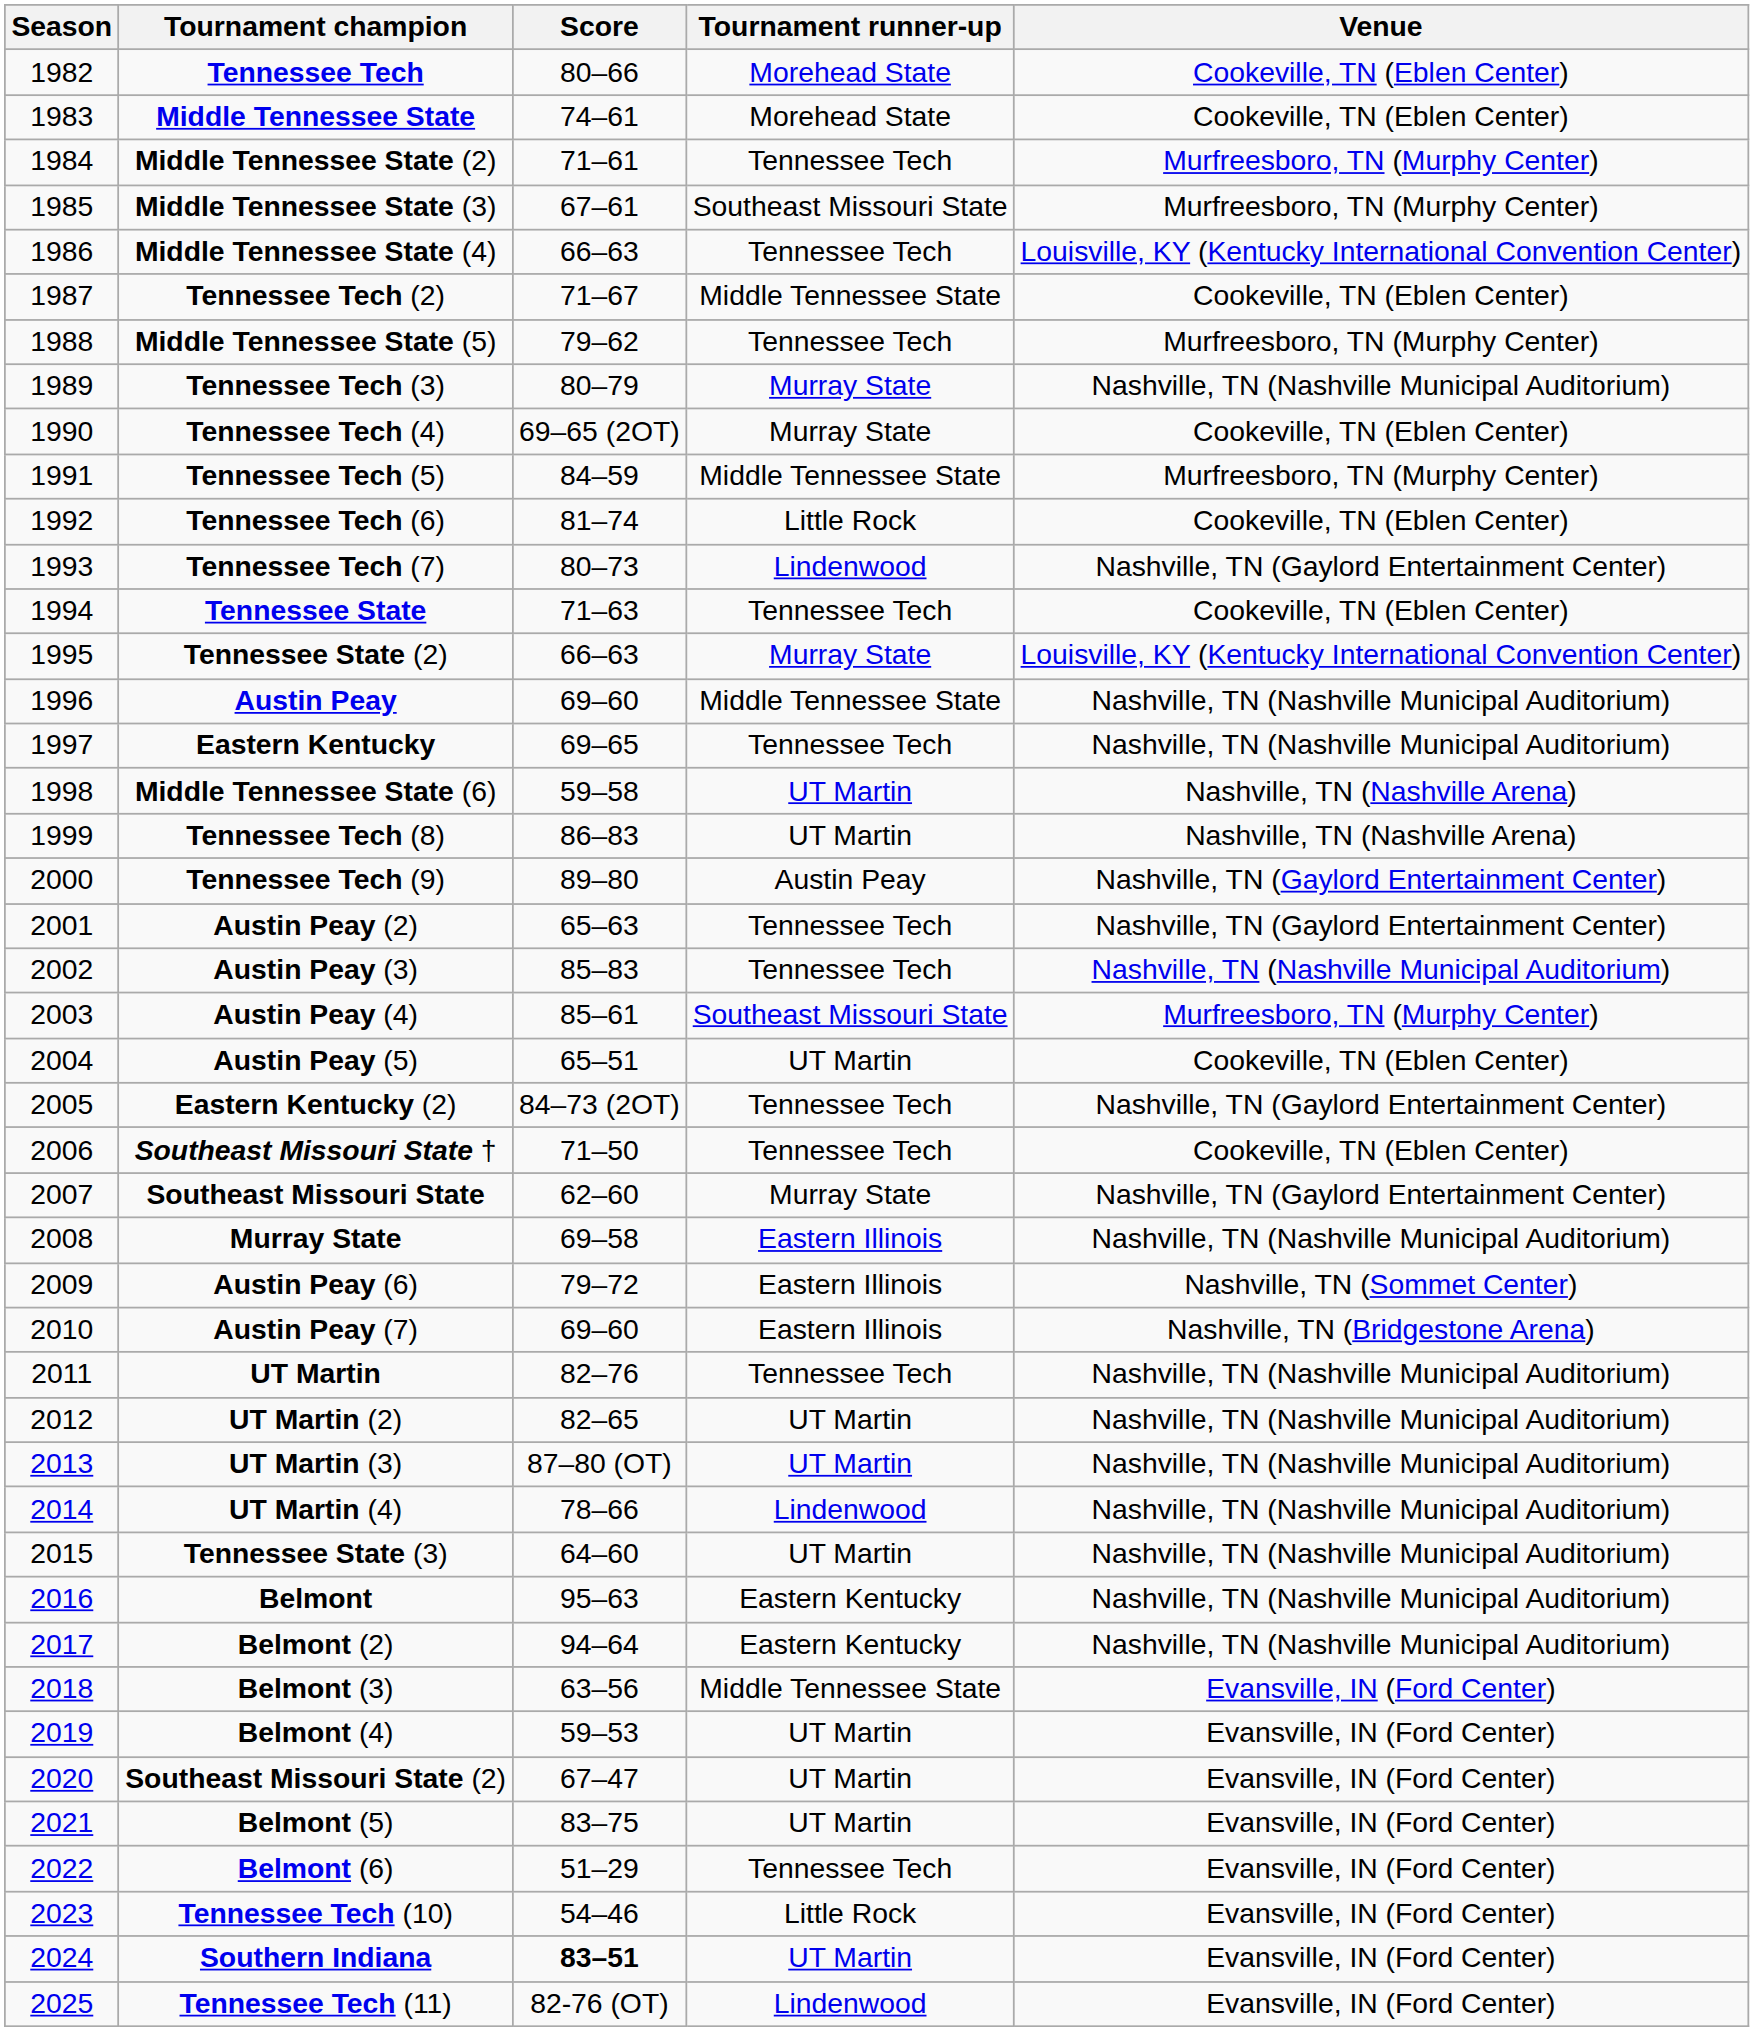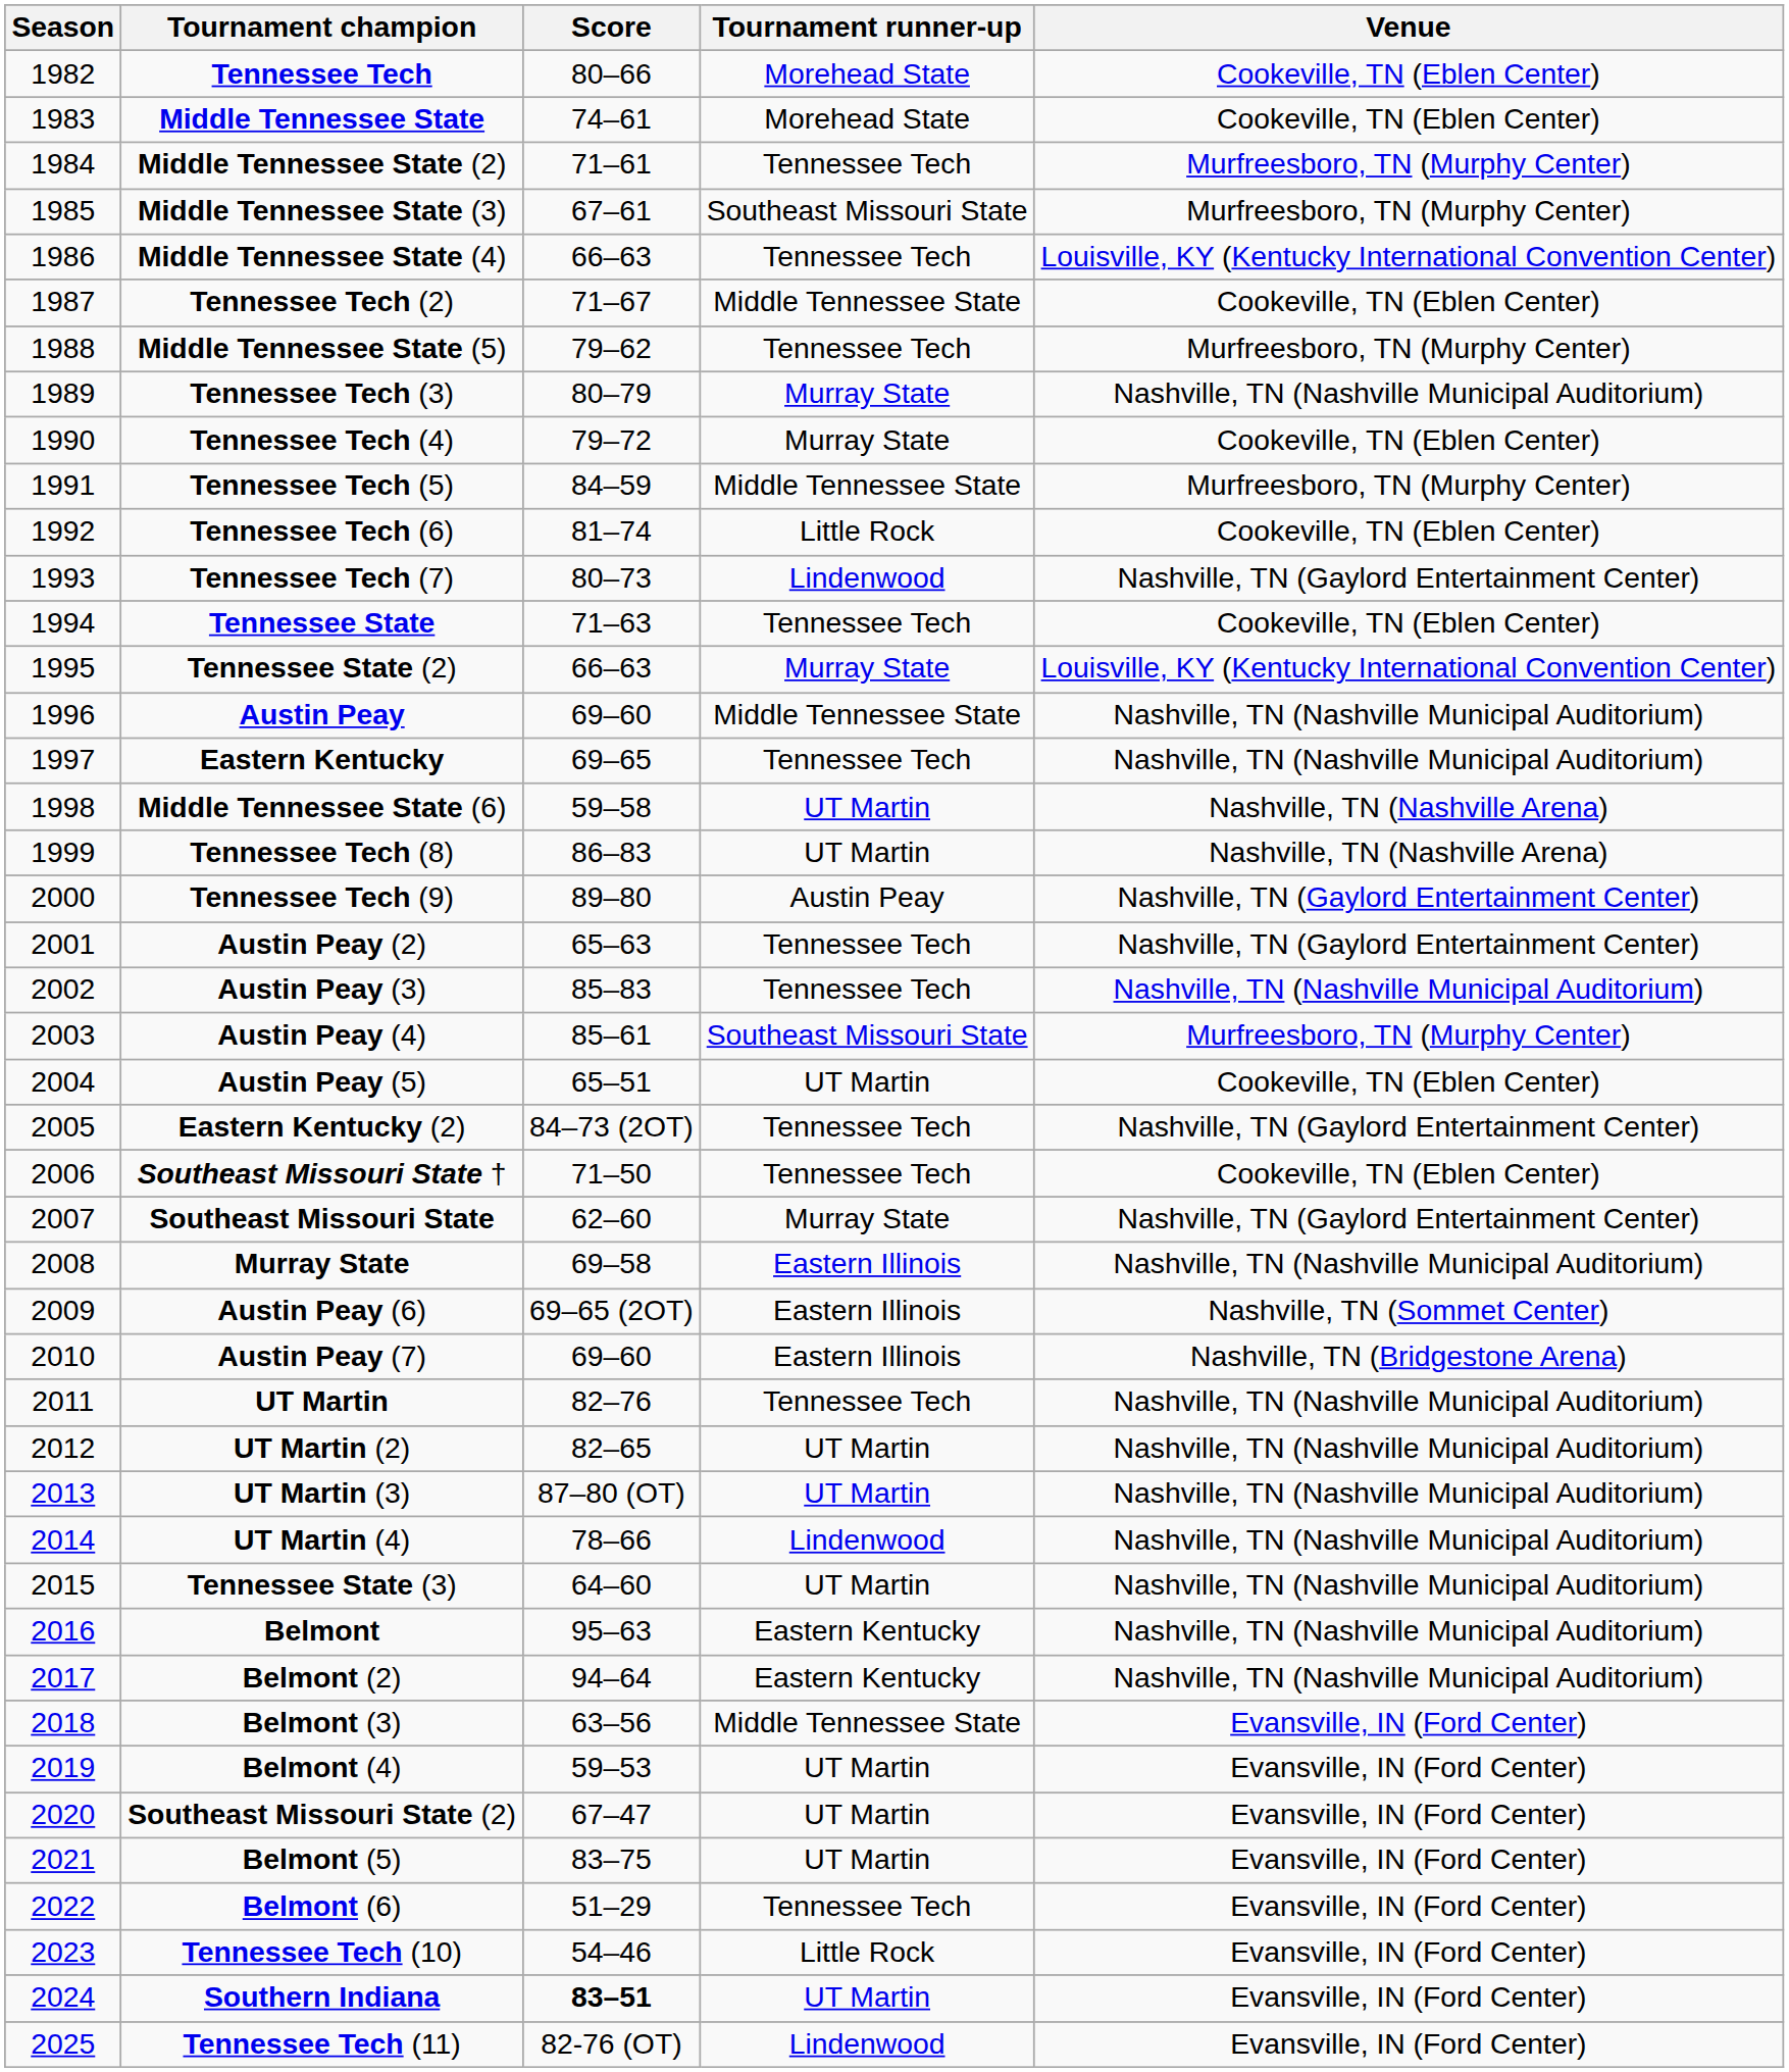 <table class="wikitable sortable" style="text-align:center">
 <tr>
 <th width=px>Season</th>
 <th width=px>Tournament champion</th>
 <th width=px>Score</th>
 <th width=px>Tournament runner-up</th>
 <th width=px>Venue</th>
 </tr>
 <tr align=center>
 <td>1982</td>
 <td><strong><a href='#'>Tennessee Tech</a></strong></td>
 <td>80–66</td>
 <td><a href='#'>Morehead State</a></td>
 <td><a href='#'>Cookeville, TN</a> (<a href='#'>Eblen Center</a>)</td>
 </tr>
 <tr align=center>
 <td>1983</td>
 <td><strong><a href='#'>Middle Tennessee State</a></strong></td>
 <td>74–61</td>
 <td>Morehead State</td>
 <td>Cookeville, TN (Eblen Center)</td>
 </tr>
 <tr align=center>
 <td>1984</td>
 <td><strong>Middle Tennessee State</strong> (2)</td>
 <td>71–61</td>
 <td>Tennessee Tech</td>
 <td><a href='#'>Murfreesboro, TN</a> (<a href='#'>Murphy Center</a>)</td>
 </tr>
 <tr align=center>
 <td>1985</td>
 <td><strong>Middle Tennessee State</strong> (3)</td>
 <td>67–61</td>
 <td>Southeast Missouri State</td>
 <td>Murfreesboro, TN (Murphy Center)</td>
 </tr>
 <tr align=center>
 <td>1986</td>
 <td><strong>Middle Tennessee State</strong> (4)</td>
 <td>66–63</td>
 <td>Tennessee Tech</td>
 <td><a href='#'>Louisville, KY</a> (<a href='#'>Kentucky International Convention Center</a>)</td>
 </tr>
 <tr align=center>
 <td>1987</td>
 <td><strong>Tennessee Tech</strong> (2)</td>
 <td>71–67</td>
 <td>Middle Tennessee State</td>
 <td>Cookeville, TN (Eblen Center)</td>
 </tr>
 <tr align=center>
 <td>1988</td>
 <td><strong>Middle Tennessee State</strong> (5)</td>
 <td>79–62</td>
 <td>Tennessee Tech</td>
 <td>Murfreesboro, TN (Murphy Center)</td>
 </tr>
 <tr align=center>
 <td>1989</td>
 <td><strong>Tennessee Tech</strong> (3)</td>
 <td>80–79</td>
 <td><a href='#'>Murray State</a></td>
 <td>Nashville, TN (Nashville Municipal Auditorium)</td>
 </tr>
 <tr align=center>
 <td>1990</td>
 <td><strong>Tennessee Tech</strong> (4)</td>
-<td>69–65 (2OT)</td>
+<td>79–72</td>
 <td>Murray State</td>
 <td>Cookeville, TN (Eblen Center)</td>
 </tr>
 <tr align=center>
 <td>1991</td>
 <td><strong>Tennessee Tech</strong> (5)</td>
 <td>84–59</td>
 <td>Middle Tennessee State</td>
 <td>Murfreesboro, TN (Murphy Center)</td>
 </tr>
 <tr align=center>
 <td>1992</td>
 <td><strong>Tennessee Tech</strong> (6)</td>
 <td>81–74</td>
 <td>Little Rock</td>
 <td>Cookeville, TN (Eblen Center)</td>
 </tr>
 <tr align=center>
 <td>1993</td>
 <td><strong>Tennessee Tech</strong> (7)</td>
 <td>80–73</td>
 <td><a href='#'>Lindenwood</a></td>
 <td>Nashville, TN (Gaylord Entertainment Center)</td>
 </tr>
 <tr align=center>
 <td>1994</td>
 <td><strong><a href='#'>Tennessee State</a></strong></td>
 <td>71–63</td>
 <td>Tennessee Tech</td>
 <td>Cookeville, TN (Eblen Center)</td>
 </tr>
 <tr align=center>
 <td>1995</td>
 <td><strong>Tennessee State</strong> (2)</td>
 <td>66–63</td>
 <td><a href='#'>Murray State</a></td>
 <td><a href='#'>Louisville, KY</a> (<a href='#'>Kentucky International Convention Center</a>)</td>
 </tr>
 <tr align=center>
 <td>1996</td>
 <td><strong><a href='#'>Austin Peay</a></strong></td>
 <td>69–60</td>
 <td>Middle Tennessee State</td>
 <td>Nashville, TN (Nashville Municipal Auditorium)</td>
 </tr>
 <tr align=center>
 <td>1997</td>
 <td><strong>Eastern Kentucky</strong></td>
 <td>69–65</td>
 <td>Tennessee Tech</td>
 <td>Nashville, TN (Nashville Municipal Auditorium)</td>
 </tr>
 <tr align=center>
 <td>1998</td>
 <td><strong>Middle Tennessee State</strong> (6)</td>
 <td>59–58</td>
 <td><a href='#'>UT Martin</a></td>
 <td>Nashville, TN (<a href='#'>Nashville Arena</a>)</td>
 </tr>
 <tr align=center>
 <td>1999</td>
 <td><strong>Tennessee Tech</strong> (8)</td>
 <td>86–83</td>
 <td>UT Martin</td>
 <td>Nashville, TN (Nashville Arena)</td>
 </tr>
 <tr align=center>
 <td>2000</td>
 <td><strong>Tennessee Tech</strong> (9)</td>
 <td>89–80</td>
 <td>Austin Peay</td>
 <td>Nashville, TN (<a href='#'>Gaylord Entertainment Center</a>)</td>
 </tr>
 <tr align=center>
 <td>2001</td>
 <td><strong>Austin Peay</strong> (2)</td>
 <td>65–63</td>
 <td>Tennessee Tech</td>
 <td>Nashville, TN (Gaylord Entertainment Center)</td>
 </tr>
 <tr align=center>
 <td>2002</td>
 <td><strong>Austin Peay</strong> (3)</td>
 <td>85–83</td>
 <td>Tennessee Tech</td>
 <td><a href='#'>Nashville, TN</a> (<a href='#'>Nashville Municipal Auditorium</a>)</td>
 </tr>
 <tr align=center>
 <td>2003</td>
 <td><strong>Austin Peay</strong> (4)</td>
 <td>85–61</td>
 <td><a href='#'>Southeast Missouri State</a></td>
 <td><a href='#'>Murfreesboro, TN</a> (<a href='#'>Murphy Center</a>)</td>
 </tr>
 <tr align=center>
 <td>2004</td>
 <td><strong>Austin Peay</strong> (5)</td>
 <td>65–51</td>
 <td>UT Martin</td>
 <td>Cookeville, TN (Eblen Center)</td>
 </tr>
 <tr align=center>
 <td>2005</td>
 <td><strong>Eastern Kentucky</strong> (2)</td>
 <td>84–73 (2OT)</td>
 <td>Tennessee Tech</td>
 <td>Nashville, TN (Gaylord Entertainment Center)</td>
 </tr>
 <tr align=center>
 <td>2006</td>
 <td><strong><em>Southeast Missouri State</em></strong> †</td>
 <td>71–50</td>
 <td>Tennessee Tech</td>
 <td>Cookeville, TN (Eblen Center)</td>
 </tr>
 <tr align=center>
 <td>2007</td>
 <td><strong>Southeast Missouri State</strong></td>
 <td>62–60</td>
 <td>Murray State</td>
 <td>Nashville, TN (Gaylord Entertainment Center)</td>
 </tr>
 <tr align=center>
 <td>2008</td>
 <td><strong>Murray State</strong></td>
 <td>69–58</td>
 <td><a href='#'>Eastern Illinois</a></td>
 <td>Nashville, TN (Nashville Municipal Auditorium)</td>
 </tr>
 <tr align=center>
 <td>2009</td>
 <td><strong>Austin Peay</strong> (6)</td>
-<td>79–72</td>
+<td>69–65 (2OT)</td>
 <td>Eastern Illinois</td>
 <td>Nashville, TN (<a href='#'>Sommet Center</a>)</td>
 </tr>
 <tr align=center>
 <td>2010</td>
 <td><strong>Austin Peay</strong> (7)</td>
 <td>69–60</td>
 <td>Eastern Illinois</td>
 <td>Nashville, TN (<a href='#'>Bridgestone Arena</a>)</td>
 </tr>
 <tr align=center>
 <td>2011</td>
 <td><strong>UT Martin</strong></td>
 <td>82–76</td>
 <td>Tennessee Tech</td>
 <td>Nashville, TN (Nashville Municipal Auditorium)</td>
 </tr>
 <tr align=center>
 <td>2012</td>
 <td><strong>UT Martin</strong> (2)</td>
 <td>82–65</td>
 <td>UT Martin</td>
 <td>Nashville, TN (Nashville Municipal Auditorium)</td>
 </tr>
 <tr align=center>
 <td><a href='#'>2013</a></td>
 <td><strong>UT Martin</strong> (3)</td>
 <td>87–80 (OT)</td>
 <td><a href='#'>UT Martin</a></td>
 <td>Nashville, TN (Nashville Municipal Auditorium)</td>
 </tr>
 <tr align=center>
 <td><a href='#'>2014</a></td>
 <td><strong>UT Martin</strong> (4)</td>
 <td>78–66</td>
 <td><a href='#'>Lindenwood</a></td>
 <td>Nashville, TN (Nashville Municipal Auditorium)</td>
 </tr>
 <tr align=center>
 <td>2015</td>
 <td><strong>Tennessee State</strong> (3)</td>
 <td>64–60</td>
 <td>UT Martin</td>
 <td>Nashville, TN (Nashville Municipal Auditorium)</td>
 </tr>
 <tr align=center>
 <td><a href='#'>2016</a></td>
 <td><strong>Belmont</strong></td>
 <td>95–63</td>
 <td>Eastern Kentucky</td>
 <td>Nashville, TN (Nashville Municipal Auditorium)</td>
 </tr>
 <tr align=center>
 <td><a href='#'>2017</a></td>
 <td><strong>Belmont</strong> (2)</td>
 <td>94–64</td>
 <td>Eastern Kentucky</td>
 <td>Nashville, TN (Nashville Municipal Auditorium)</td>
 </tr>
 <tr align=center>
 <td><a href='#'>2018</a></td>
 <td><strong>Belmont</strong> (3)</td>
 <td>63–56</td>
 <td>Middle Tennessee State</td>
 <td><a href='#'>Evansville, IN</a> (<a href='#'>Ford Center</a>)</td>
 </tr>
 <tr align=center>
 <td><a href='#'>2019</a></td>
 <td><strong>Belmont</strong> (4)</td>
 <td>59–53</td>
 <td>UT Martin</td>
 <td>Evansville, IN (Ford Center)</td>
 </tr>
 <tr align=center>
 <td><a href='#'>2020</a></td>
 <td><strong>Southeast Missouri State</strong> (2)</td>
 <td>67–47</td>
 <td>UT Martin</td>
 <td>Evansville, IN (Ford Center)</td>
 </tr>
 <tr align=center>
 <td><a href='#'>2021</a></td>
 <td><strong>Belmont</strong> (5)</td>
 <td>83–75</td>
 <td>UT Martin</td>
 <td>Evansville, IN (Ford Center)</td>
 </tr>
 <tr align=center>
 <td><a href='#'>2022</a></td>
 <td><strong><a href='#'>Belmont</a></strong> (6)</td>
 <td>51–29</td>
 <td>Tennessee Tech</td>
 <td>Evansville, IN (Ford Center)</td>
 </tr>
 <tr align=center>
 <td><a href='#'>2023</a></td>
 <td><strong><a href='#'>Tennessee Tech</a></strong> (10)</td>
 <td>54–46</td>
 <td>Little Rock</td>
 <td>Evansville, IN (Ford Center)</td>
 </tr>
 <tr align=center>
 <td><a href='#'>2024</a></td>
 <td><strong><a href='#'>Southern Indiana</a></strong></td>
 <td><strong>83–51</strong></td>
 <td><a href='#'>UT Martin</a></td>
 <td>Evansville, IN (Ford Center)</td>
 </tr>
 <tr align=center>
 <td><a href='#'>2025</a></td>
 <td><strong><a href='#'>Tennessee Tech</a></strong> (11)</td>
 <td>82-76 (OT)</td>
 <td><a href='#'>Lindenwood</a></td>
 <td>Evansville, IN (Ford Center)</td>
 </tr>
 </table>
